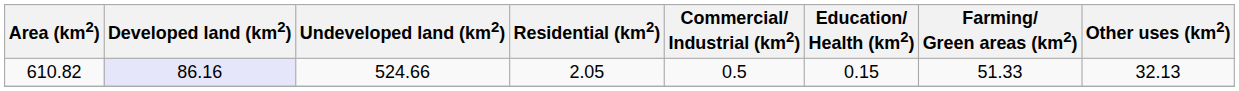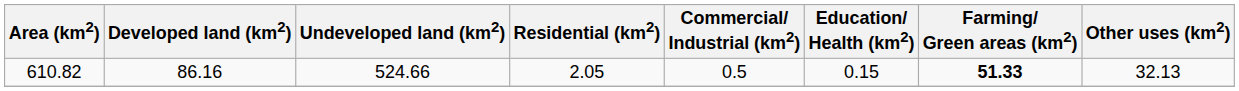 <table class="wikitable" style="text-align: center;">
 <tr>
 <th>Area (km<sup>2</sup>)</th>
 <th>Developed land (km<sup>2</sup>)</th>
 <th>Undeveloped land (km<sup>2</sup>)</th>
 <th>Residential (km<sup>2</sup>)</th>
 <th>Commercial/<br> Industrial (km<sup>2</sup>)</th>
 <th>Education/<br> Health (km<sup>2</sup>)</th>
 <th>Farming/<br> Green areas (km<sup>2</sup>)</th>
 <th>Other uses (km<sup>2</sup>)</th>
 </tr>
 <tr>
 <td>610.82</td>
-<td style="background: lavender;">86.16</td>
+<td>86.16</td>
 <td>524.66</td>
 <td>2.05</td>
 <td>0.5</td>
 <td>0.15</td>
-<td>51.33</td>
+<td><strong>51.33</strong></td>
 <td>32.13</td>
 </tr>
 <tr>
 </tr>
 </table>
